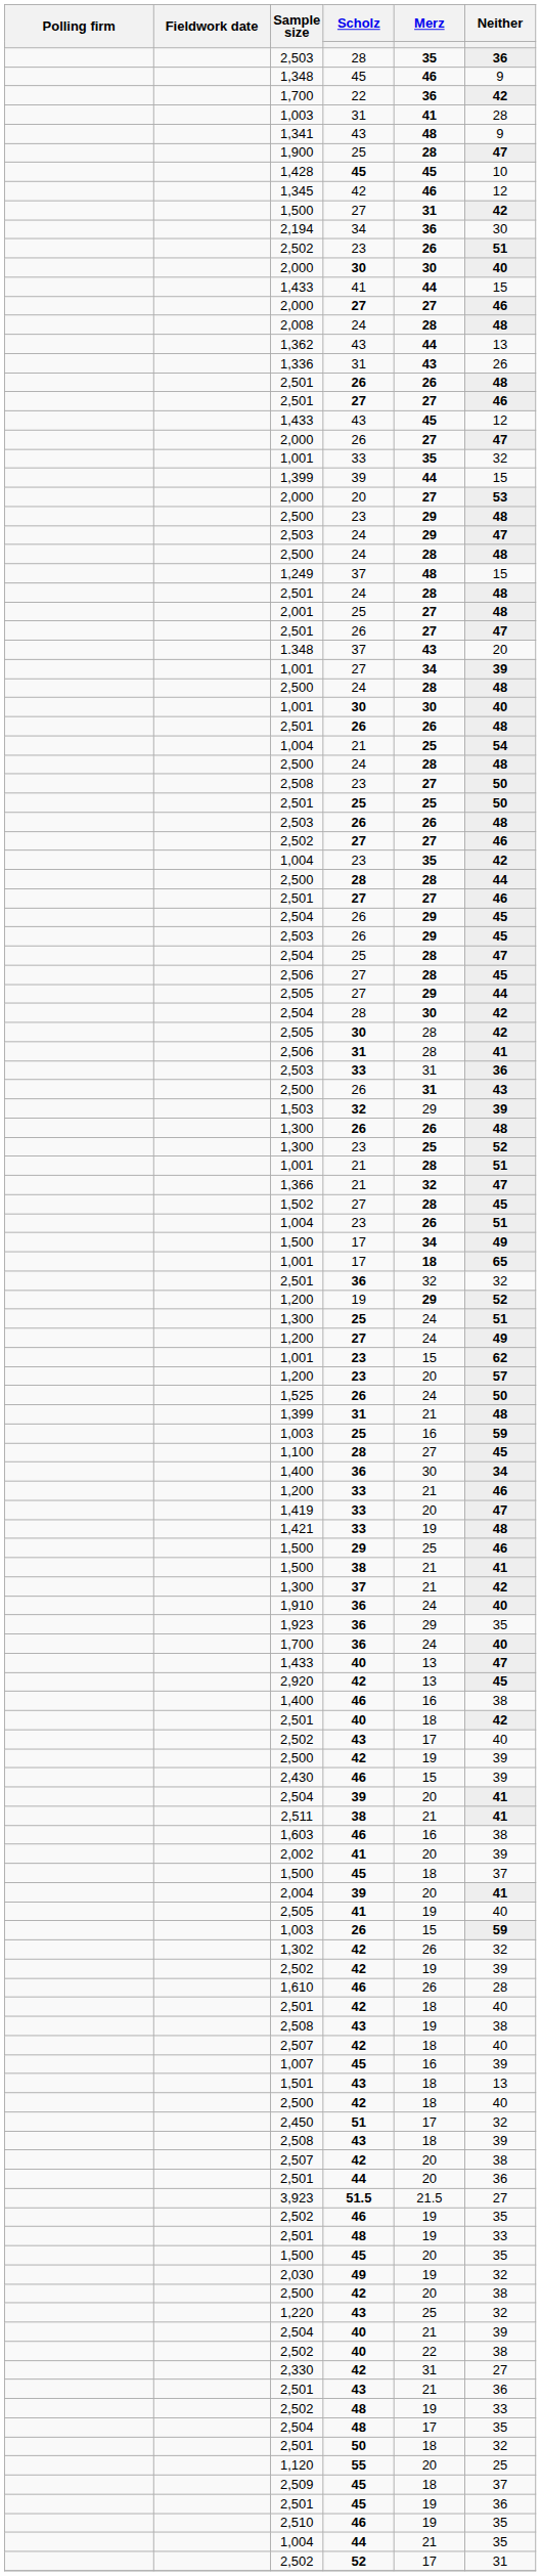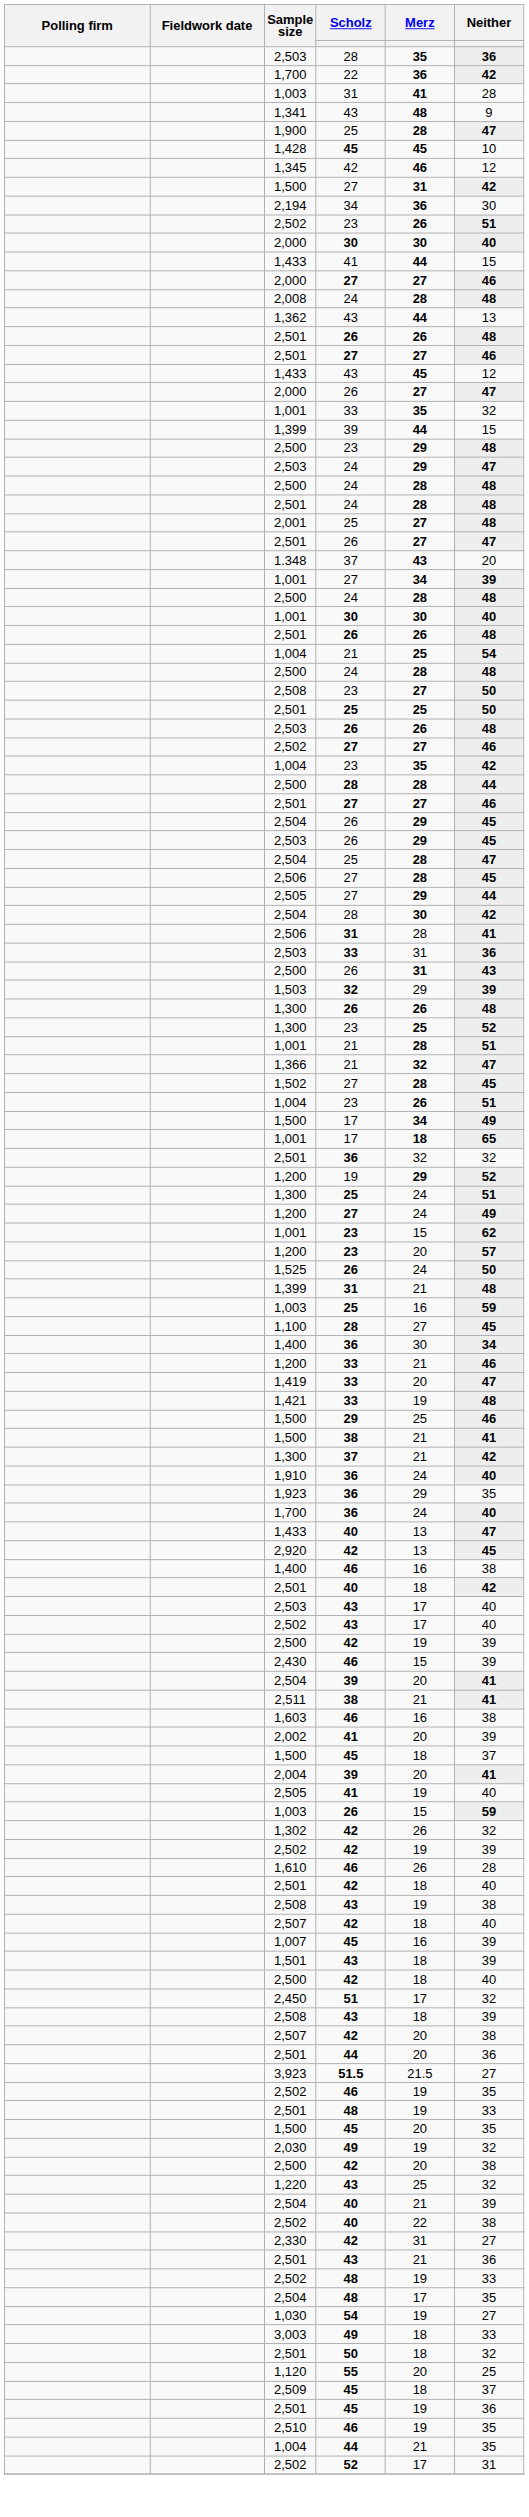 <table class="wikitable sortable mw-datatable" style="text-align:center;font-size:90%;line-height:14px;">
 <tr style="height:40px;">
 <th style="width:155px;" rowspan="2">Polling firm</th>
 <th style="width:120px;" rowspan="2">Fieldwork date</th>
 <th style="width: 35px;" rowspan="2">Sample<br>size</th>
 <th class="unsortable" style="width:70px;"><a href='#'>Scholz</a><br></th>
 <th class="unsortable" style="width:70px;"><a href='#'>Merz</a><br></th>
 <th class="unsortable" style="width:70px;">Neither</th>
 </tr>
 <tr>
 <th style="background:"></th>
 <th style="background:"></th>
 <th style="background:"></th>
 </tr>
 <tr>
 <td></td>
 <td></td>
 <td>2,503</td>
 <td>28</td>
 <td><strong>35</strong></td>
 <td style="background:#EEEEEE;"><strong>36</strong></td>
-</tr>
-<tr>
-<td></td>
-<td></td>
-<td>1,348</td>
-<td>45</td>
-<td><strong>46</strong></td>
-<td>9</td>
 </tr>
 <tr>
 <td></td>
 <td></td>
 <td>1,700</td>
 <td>22</td>
 <td><strong>36</strong></td>
 <td style="background:#EEEEEE;"><strong>42</strong></td>
 </tr>
 <tr>
 <td></td>
 <td></td>
 <td>1,003</td>
 <td>31</td>
 <td><strong>41</strong></td>
 <td>28</td>
 </tr>
 <tr>
 <td></td>
 <td></td>
 <td>1,341</td>
 <td>43</td>
 <td><strong>48</strong></td>
 <td>9</td>
 </tr>
 <tr>
 <td></td>
 <td></td>
 <td>1,900</td>
 <td>25</td>
 <td><strong>28</strong></td>
 <td style="background:#EEEEEE;"><strong>47</strong></td>
 </tr>
 <tr>
 <td></td>
 <td></td>
 <td>1,428</td>
 <td><strong>45</strong></td>
 <td><strong>45</strong></td>
 <td>10</td>
 </tr>
 <tr>
 <td></td>
 <td></td>
 <td>1,345</td>
 <td>42</td>
 <td><strong>46</strong></td>
 <td>12</td>
 </tr>
 <tr>
 <td></td>
 <td></td>
 <td>1,500</td>
 <td>27</td>
 <td><strong>31</strong></td>
 <td style="background:#EEEEEE;"><strong>42</strong></td>
 </tr>
 <tr>
 <td></td>
 <td></td>
 <td>2,194</td>
 <td>34</td>
 <td><strong>36</strong></td>
 <td>30</td>
 </tr>
 <tr>
 <td></td>
 <td></td>
 <td>2,502</td>
 <td>23</td>
 <td><strong>26</strong></td>
 <td style="background:#EEEEEE;"><strong>51</strong></td>
 </tr>
 <tr>
 <td></td>
 <td></td>
 <td>2,000</td>
 <td><strong>30</strong></td>
 <td><strong>30</strong></td>
 <td style="background:#EEEEEE;"><strong>40</strong></td>
 </tr>
 <tr>
 <td></td>
 <td></td>
 <td>1,433</td>
 <td>41</td>
 <td><strong>44</strong></td>
 <td>15</td>
 </tr>
 <tr>
 <td></td>
 <td></td>
 <td>2,000</td>
 <td><strong>27</strong></td>
 <td><strong>27</strong></td>
 <td style="background:#EEEEEE;"><strong>46</strong></td>
 </tr>
 <tr>
 <td></td>
 <td></td>
 <td>2,008</td>
 <td>24</td>
 <td><strong>28</strong></td>
 <td style="background:#EEEEEE;"><strong>48</strong></td>
 </tr>
 <tr>
 <td></td>
 <td></td>
 <td>1,362</td>
 <td>43</td>
 <td><strong>44</strong></td>
 <td>13</td>
 </tr>
 <tr>
 <td></td>
 <td></td>
-<td>1,336</td>
-<td>31</td>
-<td><strong>43</strong></td>
-<td>26</td>
-</tr>
-<tr>
-<td></td>
-<td></td>
 <td>2,501</td>
 <td><strong>26</strong></td>
 <td><strong>26</strong></td>
 <td style="background:#EEEEEE;"><strong>48</strong></td>
 </tr>
 <tr>
 <td></td>
 <td></td>
 <td>2,501</td>
 <td><strong>27</strong></td>
 <td><strong>27</strong></td>
 <td style="background:#EEEEEE;"><strong>46</strong></td>
 </tr>
 <tr>
 <td></td>
 <td></td>
 <td>1,433</td>
 <td>43</td>
 <td><strong>45</strong></td>
 <td>12</td>
 </tr>
 <tr>
 <td></td>
 <td></td>
 <td>2,000</td>
 <td>26</td>
 <td><strong>27</strong></td>
 <td style="background:#EEEEEE;"><strong>47</strong></td>
 </tr>
 <tr>
 <td></td>
 <td></td>
 <td>1,001</td>
 <td>33</td>
 <td><strong>35</strong></td>
 <td>32</td>
 </tr>
 <tr>
 <td></td>
 <td></td>
 <td>1,399</td>
 <td>39</td>
 <td><strong>44</strong></td>
 <td>15</td>
 </tr>
 <tr>
 <td></td>
 <td></td>
-<td>2,000</td>
-<td>20</td>
-<td><strong>27</strong></td>
-<td style="background:#EEEEEE;"><strong>53</strong></td>
-</tr>
-<tr>
-<td></td>
-<td></td>
 <td>2,500</td>
 <td>23</td>
 <td><strong>29</strong></td>
 <td style="background:#EEEEEE;"><strong>48</strong></td>
 </tr>
 <tr>
 <td></td>
 <td></td>
 <td>2,503</td>
 <td>24</td>
 <td><strong>29</strong></td>
 <td style="background:#EEEEEE;"><strong>47</strong></td>
 </tr>
 <tr>
 <td></td>
 <td></td>
 <td>2,500</td>
 <td>24</td>
 <td><strong>28</strong></td>
 <td style="background:#EEEEEE;"><strong>48</strong></td>
-</tr>
-<tr>
-<td></td>
-<td></td>
-<td>1,249</td>
-<td>37</td>
-<td><strong>48</strong></td>
-<td>15</td>
 </tr>
 <tr>
 <td></td>
 <td></td>
 <td>2,501</td>
 <td>24</td>
 <td><strong>28</strong></td>
 <td style="background:#EEEEEE;"><strong>48</strong></td>
 </tr>
 <tr>
 <td></td>
 <td></td>
 <td>2,001</td>
 <td>25</td>
 <td><strong>27</strong></td>
 <td style="background:#EEEEEE;"><strong>48</strong></td>
 </tr>
 <tr>
 <td></td>
 <td></td>
 <td>2,501</td>
 <td>26</td>
 <td><strong>27</strong></td>
 <td style="background:#EEEEEE;"><strong>47</strong></td>
 </tr>
 <tr>
 <td></td>
 <td></td>
 <td>1.348</td>
 <td>37</td>
 <td><strong>43</strong></td>
 <td>20</td>
 </tr>
 <tr>
 <td></td>
 <td></td>
 <td>1,001</td>
 <td>27</td>
 <td><strong>34</strong></td>
 <td style="background:#EEEEEE;"><strong>39</strong></td>
 </tr>
 <tr>
 <td></td>
 <td></td>
 <td>2,500</td>
 <td>24</td>
 <td><strong>28</strong></td>
 <td style="background:#EEEEEE;"><strong>48</strong></td>
 </tr>
 <tr>
 <td></td>
 <td></td>
 <td>1,001</td>
 <td><strong>30</strong></td>
 <td><strong>30</strong></td>
 <td style="background:#EEEEEE;"><strong>40</strong></td>
 </tr>
 <tr>
 <td></td>
 <td></td>
 <td>2,501</td>
 <td><strong>26</strong></td>
 <td><strong>26</strong></td>
 <td style="background:#EEEEEE;"><strong>48</strong></td>
 </tr>
 <tr>
 <td></td>
 <td></td>
 <td>1,004</td>
 <td>21</td>
 <td><strong>25</strong></td>
 <td style="background:#EEEEEE;"><strong>54</strong></td>
 </tr>
 <tr>
 <td></td>
 <td></td>
 <td>2,500</td>
 <td>24</td>
 <td><strong>28</strong></td>
 <td style="background:#EEEEEE;"><strong>48</strong></td>
 </tr>
 <tr>
 <td></td>
 <td></td>
 <td>2,508</td>
 <td>23</td>
 <td><strong>27</strong></td>
 <td style="background:#EEEEEE;"><strong>50</strong></td>
 </tr>
 <tr>
 <td></td>
 <td></td>
 <td>2,501</td>
 <td><strong>25</strong></td>
 <td><strong>25</strong></td>
 <td style="background:#EEEEEE;"><strong>50</strong></td>
 </tr>
 <tr>
 <td></td>
 <td></td>
 <td>2,503</td>
 <td><strong>26</strong></td>
 <td><strong>26</strong></td>
 <td style="background:#EEEEEE;"><strong>48</strong></td>
 </tr>
 <tr>
 <td></td>
 <td></td>
 <td>2,502</td>
 <td><strong>27</strong></td>
 <td><strong>27</strong></td>
 <td style="background:#EEEEEE;"><strong>46</strong></td>
 </tr>
 <tr>
 <td></td>
 <td></td>
 <td>1,004</td>
 <td>23</td>
 <td><strong>35</strong></td>
 <td style="background:#EEEEEE;"><strong>42</strong></td>
 </tr>
 <tr>
 <td></td>
 <td></td>
 <td>2,500</td>
 <td><strong>28</strong></td>
 <td><strong>28</strong></td>
 <td style="background:#EEEEEE;"><strong>44</strong></td>
 </tr>
 <tr>
 <td></td>
 <td></td>
 <td>2,501</td>
 <td><strong>27</strong></td>
 <td><strong>27</strong></td>
 <td style="background:#EEEEEE;"><strong>46</strong></td>
 </tr>
 <tr>
 <td></td>
 <td></td>
 <td>2,504</td>
 <td>26</td>
 <td><strong>29</strong></td>
 <td style="background:#EEEEEE;"><strong>45</strong></td>
 </tr>
 <tr>
 <td></td>
 <td></td>
 <td>2,503</td>
 <td>26</td>
 <td><strong>29</strong></td>
 <td style="background:#EEEEEE;"><strong>45</strong></td>
 </tr>
 <tr>
 <td></td>
 <td></td>
 <td>2,504</td>
 <td>25</td>
 <td><strong>28</strong></td>
 <td style="background:#EEEEEE;"><strong>47</strong></td>
 </tr>
 <tr>
 <td></td>
 <td></td>
 <td>2,506</td>
 <td>27</td>
 <td><strong>28</strong></td>
 <td style="background:#EEEEEE;"><strong>45</strong></td>
 </tr>
 <tr>
 <td></td>
 <td></td>
 <td>2,505</td>
 <td>27</td>
 <td><strong>29</strong></td>
 <td style="background:#EEEEEE;"><strong>44</strong></td>
 </tr>
 <tr>
 <td></td>
 <td></td>
 <td>2,504</td>
 <td>28</td>
 <td><strong>30</strong></td>
-<td style="background:#EEEEEE;"><strong>42</strong></td>
-</tr>
-<tr>
-<td></td>
-<td></td>
-<td>2,505</td>
-<td><strong>30</strong></td>
-<td>28</td>
 <td style="background:#EEEEEE;"><strong>42</strong></td>
 </tr>
 <tr>
 <td></td>
 <td></td>
 <td>2,506</td>
 <td><strong>31</strong></td>
 <td>28</td>
 <td style="background:#EEEEEE;"><strong>41</strong></td>
 </tr>
 <tr>
 <td></td>
 <td></td>
 <td>2,503</td>
 <td><strong>33</strong></td>
 <td>31</td>
 <td style="background:#EEEEEE;"><strong>36</strong></td>
 </tr>
 <tr>
 <td></td>
 <td></td>
 <td>2,500</td>
 <td>26</td>
 <td><strong>31</strong></td>
 <td style="background:#EEEEEE;"><strong>43</strong></td>
 </tr>
 <tr>
 <td></td>
 <td></td>
 <td>1,503</td>
 <td><strong>32</strong></td>
 <td>29</td>
 <td style="background:#EEEEEE;"><strong>39</strong></td>
 </tr>
 <tr>
 <td></td>
 <td></td>
 <td>1,300</td>
 <td><strong>26</strong></td>
 <td><strong>26</strong></td>
 <td style="background:#EEEEEE;"><strong>48</strong></td>
 </tr>
 <tr>
 <td></td>
 <td></td>
 <td>1,300</td>
 <td>23</td>
 <td><strong>25</strong></td>
 <td style="background:#EEEEEE;"><strong>52</strong></td>
 </tr>
 <tr>
 <td></td>
 <td></td>
 <td>1,001</td>
 <td>21</td>
 <td><strong>28</strong></td>
 <td style="background:#EEEEEE;"><strong>51</strong></td>
 </tr>
 <tr>
 <td></td>
 <td></td>
 <td>1,366</td>
 <td>21</td>
 <td><strong>32</strong></td>
 <td style="background:#EEEEEE;"><strong>47</strong></td>
 </tr>
 <tr>
 <td></td>
 <td></td>
 <td>1,502</td>
 <td>27</td>
 <td><strong>28</strong></td>
 <td style="background:#EEEEEE;"><strong>45</strong></td>
 </tr>
 <tr>
 <td></td>
 <td></td>
 <td>1,004</td>
 <td>23</td>
 <td><strong>26</strong></td>
 <td style="background:#EEEEEE;"><strong>51</strong></td>
 </tr>
 <tr>
 <td></td>
 <td></td>
 <td>1,500</td>
 <td>17</td>
 <td><strong>34</strong></td>
 <td style="background:#EEEEEE;"><strong>49</strong></td>
 </tr>
 <tr>
 <td></td>
 <td></td>
 <td>1,001</td>
 <td>17</td>
 <td><strong>18</strong></td>
 <td style="background:#EEEEEE;"><strong>65</strong></td>
 </tr>
 <tr>
 <td></td>
 <td></td>
 <td>2,501</td>
 <td><strong>36</strong></td>
 <td>32</td>
 <td>32</td>
 </tr>
 <tr>
 <td></td>
 <td></td>
 <td>1,200</td>
 <td>19</td>
 <td><strong>29</strong></td>
 <td style="background:#EEEEEE;"><strong>52</strong></td>
 </tr>
 <tr>
 <td></td>
 <td></td>
 <td>1,300</td>
 <td><strong>25</strong></td>
 <td>24</td>
 <td style="background:#EEEEEE;"><strong>51</strong></td>
 </tr>
 <tr>
 <td></td>
 <td></td>
 <td>1,200</td>
 <td><strong>27</strong></td>
 <td>24</td>
 <td style="background:#EEEEEE;"><strong>49</strong></td>
 </tr>
 <tr>
 <td></td>
 <td></td>
 <td>1,001</td>
 <td><strong>23</strong></td>
 <td>15</td>
 <td style="background:#EEEEEE;"><strong>62</strong></td>
 </tr>
 <tr>
 <td></td>
 <td></td>
 <td>1,200</td>
 <td><strong>23</strong></td>
 <td>20</td>
 <td style="background:#EEEEEE;"><strong>57</strong></td>
 </tr>
 <tr>
 <td></td>
 <td></td>
 <td>1,525</td>
 <td><strong>26</strong></td>
 <td>24</td>
 <td style="background:#EEEEEE;"><strong>50</strong></td>
 </tr>
 <tr>
 <td></td>
 <td></td>
 <td>1,399</td>
 <td><strong>31</strong></td>
 <td>21</td>
 <td style="background:#EEEEEE;"><strong>48</strong></td>
 </tr>
 <tr>
 <td></td>
 <td></td>
 <td>1,003</td>
 <td><strong>25</strong></td>
 <td>16</td>
 <td style="background:#EEEEEE;"><strong>59</strong></td>
 </tr>
 <tr>
 <td></td>
 <td></td>
 <td>1,100</td>
 <td><strong>28</strong></td>
 <td>27</td>
 <td style="background:#EEEEEE;"><strong>45</strong></td>
 </tr>
 <tr>
 <td></td>
 <td></td>
 <td>1,400</td>
 <td><strong>36</strong></td>
 <td>30</td>
 <td style="background:#EEEEEE;"><strong>34</strong></td>
 </tr>
 <tr>
 <td></td>
 <td></td>
 <td>1,200</td>
 <td><strong>33</strong></td>
 <td>21</td>
 <td style="background:#EEEEEE;"><strong>46</strong></td>
 </tr>
 <tr>
 <td></td>
 <td></td>
 <td>1,419</td>
 <td><strong>33</strong></td>
 <td>20</td>
 <td style="background:#EEEEEE;"><strong>47</strong></td>
 </tr>
 <tr>
 <td></td>
 <td></td>
 <td>1,421</td>
 <td><strong>33</strong></td>
 <td>19</td>
 <td style="background:#EEEEEE;"><strong>48</strong></td>
 </tr>
 <tr>
 <td></td>
 <td></td>
 <td>1,500</td>
 <td><strong>29</strong></td>
 <td>25</td>
 <td style="background:#EEEEEE;"><strong>46</strong></td>
 </tr>
 <tr>
 <td></td>
 <td></td>
 <td>1,500</td>
 <td><strong>38</strong></td>
 <td>21</td>
 <td style="background:#EEEEEE;"><strong>41</strong></td>
 </tr>
 <tr>
 <td></td>
 <td></td>
 <td>1,300</td>
 <td><strong>37</strong></td>
 <td>21</td>
 <td style="background:#EEEEEE;"><strong>42</strong></td>
 </tr>
 <tr>
 <td></td>
 <td></td>
 <td>1,910</td>
 <td><strong>36</strong></td>
 <td>24</td>
 <td style="background:#EEEEEE;"><strong>40</strong></td>
 </tr>
 <tr>
 <td></td>
 <td></td>
 <td>1,923</td>
 <td><strong>36</strong></td>
 <td>29</td>
 <td>35</td>
 </tr>
 <tr>
 <td></td>
 <td></td>
 <td>1,700</td>
 <td><strong>36</strong></td>
 <td>24</td>
 <td style="background:#EEEEEE;"><strong>40</strong></td>
 </tr>
 <tr>
 <td></td>
 <td></td>
 <td>1,433</td>
 <td><strong>40</strong></td>
 <td>13</td>
 <td style="background:#EEEEEE;"><strong>47</strong></td>
 </tr>
 <tr>
 <td></td>
 <td></td>
 <td>2,920</td>
 <td><strong>42</strong></td>
 <td>13</td>
 <td style="background:#EEEEEE;"><strong>45</strong></td>
 </tr>
 <tr>
 <td></td>
 <td></td>
 <td>1,400</td>
 <td><strong>46</strong></td>
 <td>16</td>
 <td>38</td>
 </tr>
 <tr>
 <td></td>
 <td></td>
 <td>2,501</td>
 <td><strong>40</strong></td>
 <td>18</td>
 <td style="background:#EEEEEE;"><strong>42</strong></td>
 </tr>
 <tr>
 <td></td>
 <td></td>
+<td>2,503</td>
+<td><strong>43</strong></td>
+<td>17</td>
+<td>40</td>
+</tr>
+<tr>
+<td></td>
+<td></td>
 <td>2,502</td>
 <td><strong>43</strong></td>
 <td>17</td>
 <td>40</td>
 </tr>
 <tr>
 <td></td>
 <td></td>
 <td>2,500</td>
 <td><strong>42</strong></td>
 <td>19</td>
 <td>39</td>
 </tr>
 <tr>
 <td></td>
 <td></td>
 <td>2,430</td>
 <td><strong>46</strong></td>
 <td>15</td>
 <td>39</td>
 </tr>
 <tr>
 <td></td>
 <td></td>
 <td>2,504</td>
 <td><strong>39</strong></td>
 <td>20</td>
 <td style="background:#EEEEEE;"><strong>41</strong></td>
 </tr>
 <tr>
 <td></td>
 <td></td>
 <td>2,511</td>
 <td><strong>38</strong></td>
 <td>21</td>
 <td style="background:#EEEEEE;"><strong>41</strong></td>
 </tr>
 <tr>
 <td></td>
 <td></td>
 <td>1,603</td>
 <td><strong>46</strong></td>
 <td>16</td>
 <td>38</td>
 </tr>
 <tr>
 <td></td>
 <td></td>
 <td>2,002</td>
 <td><strong>41</strong></td>
 <td>20</td>
 <td>39</td>
 </tr>
 <tr>
 <td></td>
 <td></td>
 <td>1,500</td>
 <td><strong>45</strong></td>
 <td>18</td>
 <td>37</td>
 </tr>
 <tr>
 <td></td>
 <td></td>
 <td>2,004</td>
 <td><strong>39</strong></td>
 <td>20</td>
 <td style="background:#EEEEEE;"><strong>41</strong></td>
 </tr>
 <tr>
 <td></td>
 <td></td>
 <td>2,505</td>
 <td><strong>41</strong></td>
 <td>19</td>
 <td>40</td>
 </tr>
 <tr>
 <td></td>
 <td></td>
 <td>1,003</td>
 <td><strong>26</strong></td>
 <td>15</td>
 <td style="background:#EEEEEE;"><strong>59</strong></td>
 </tr>
 <tr>
 <td></td>
 <td></td>
 <td>1,302</td>
 <td><strong>42</strong></td>
 <td>26</td>
 <td>32</td>
 </tr>
 <tr>
 <td></td>
 <td></td>
 <td>2,502</td>
 <td><strong>42</strong></td>
 <td>19</td>
 <td>39</td>
 </tr>
 <tr>
 <td></td>
 <td></td>
 <td>1,610</td>
 <td><strong>46</strong></td>
 <td>26</td>
 <td>28</td>
 </tr>
 <tr>
 <td></td>
 <td></td>
 <td>2,501</td>
 <td><strong>42</strong></td>
 <td>18</td>
 <td>40</td>
 </tr>
 <tr>
 <td></td>
 <td></td>
 <td>2,508</td>
 <td><strong>43</strong></td>
 <td>19</td>
 <td>38</td>
 </tr>
 <tr>
 <td></td>
 <td></td>
 <td>2,507</td>
 <td><strong>42</strong></td>
 <td>18</td>
 <td>40</td>
 </tr>
 <tr>
 <td></td>
 <td></td>
 <td>1,007</td>
 <td><strong>45</strong></td>
 <td>16</td>
 <td>39</td>
 </tr>
 <tr>
 <td></td>
 <td></td>
 <td>1,501</td>
 <td><strong>43</strong></td>
 <td>18</td>
-<td>13</td>
+<td>39</td>
 </tr>
 <tr>
 <td></td>
 <td></td>
 <td>2,500</td>
 <td><strong>42</strong></td>
 <td>18</td>
 <td>40</td>
 </tr>
 <tr>
 <td></td>
 <td></td>
 <td>2,450</td>
 <td><strong>51</strong></td>
 <td>17</td>
 <td>32</td>
 </tr>
 <tr>
 <td></td>
 <td></td>
 <td>2,508</td>
 <td><strong>43</strong></td>
 <td>18</td>
 <td>39</td>
 </tr>
 <tr>
 <td></td>
 <td></td>
 <td>2,507</td>
 <td><strong>42</strong></td>
 <td>20</td>
 <td>38</td>
 </tr>
 <tr>
 <td></td>
 <td></td>
 <td>2,501</td>
 <td><strong>44</strong></td>
 <td>20</td>
 <td>36</td>
 </tr>
 <tr>
 <td></td>
 <td></td>
 <td>3,923</td>
 <td><strong>51.5</strong></td>
 <td>21.5</td>
 <td>27</td>
 </tr>
 <tr>
 <td></td>
 <td></td>
 <td>2,502</td>
 <td><strong>46</strong></td>
 <td>19</td>
 <td>35</td>
 </tr>
 <tr>
 <td></td>
 <td></td>
 <td>2,501</td>
 <td><strong>48</strong></td>
 <td>19</td>
 <td>33</td>
 </tr>
 <tr>
 <td></td>
 <td></td>
 <td>1,500</td>
 <td><strong>45</strong></td>
 <td>20</td>
 <td>35</td>
 </tr>
 <tr>
 <td></td>
 <td></td>
 <td>2,030</td>
 <td><strong>49</strong></td>
 <td>19</td>
 <td>32</td>
 </tr>
 <tr>
 <td></td>
 <td></td>
 <td>2,500</td>
 <td><strong>42</strong></td>
 <td>20</td>
 <td>38</td>
 </tr>
 <tr>
 <td></td>
 <td></td>
 <td>1,220</td>
 <td><strong>43</strong></td>
 <td>25</td>
 <td>32</td>
 </tr>
 <tr>
 <td></td>
 <td></td>
 <td>2,504</td>
 <td><strong>40</strong></td>
 <td>21</td>
 <td>39</td>
 </tr>
 <tr>
 <td></td>
 <td></td>
 <td>2,502</td>
 <td><strong>40</strong></td>
 <td>22</td>
 <td>38</td>
 </tr>
 <tr>
 <td></td>
 <td></td>
 <td>2,330</td>
 <td><strong>42</strong></td>
 <td>31</td>
 <td>27</td>
 </tr>
 <tr>
 <td></td>
 <td></td>
 <td>2,501</td>
 <td><strong>43</strong></td>
 <td>21</td>
 <td>36</td>
 </tr>
 <tr>
 <td></td>
 <td></td>
 <td>2,502</td>
 <td><strong>48</strong></td>
 <td>19</td>
 <td>33</td>
 </tr>
 <tr>
 <td></td>
 <td></td>
 <td>2,504</td>
 <td><strong>48</strong></td>
 <td>17</td>
 <td>35</td>
 </tr>
 <tr>
 <td></td>
 <td></td>
+<td>1,030</td>
+<td><strong>54</strong></td>
+<td>19</td>
+<td>27</td>
+</tr>
+<tr>
+<td></td>
+<td></td>
+<td>3,003</td>
+<td><strong>49</strong></td>
+<td>18</td>
+<td>33</td>
+</tr>
+<tr>
+<td></td>
+<td></td>
 <td>2,501</td>
 <td><strong>50</strong></td>
 <td>18</td>
 <td>32</td>
 </tr>
 <tr>
 <td></td>
 <td></td>
 <td>1,120</td>
 <td><strong>55</strong></td>
 <td>20</td>
 <td>25</td>
 </tr>
 <tr>
 <td></td>
 <td></td>
 <td>2,509</td>
 <td><strong>45</strong></td>
 <td>18</td>
 <td>37</td>
 </tr>
 <tr>
 <td></td>
 <td></td>
 <td>2,501</td>
 <td><strong>45</strong></td>
 <td>19</td>
 <td>36</td>
 </tr>
 <tr>
 <td></td>
 <td></td>
 <td>2,510</td>
 <td><strong>46</strong></td>
 <td>19</td>
 <td>35</td>
 </tr>
 <tr>
 <td></td>
 <td></td>
 <td>1,004</td>
 <td><strong>44</strong></td>
 <td>21</td>
 <td>35</td>
 </tr>
 <tr>
 <td></td>
 <td></td>
 <td>2,502</td>
 <td><strong>52</strong></td>
 <td>17</td>
 <td>31</td>
 </tr>
 <tr>
 </tr>
 </table>
